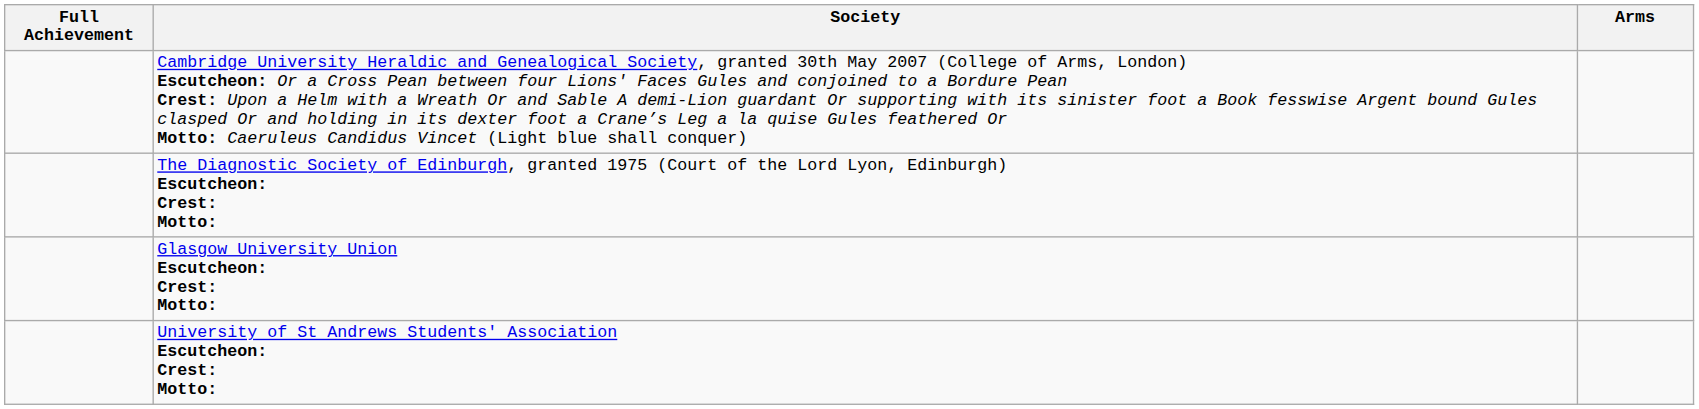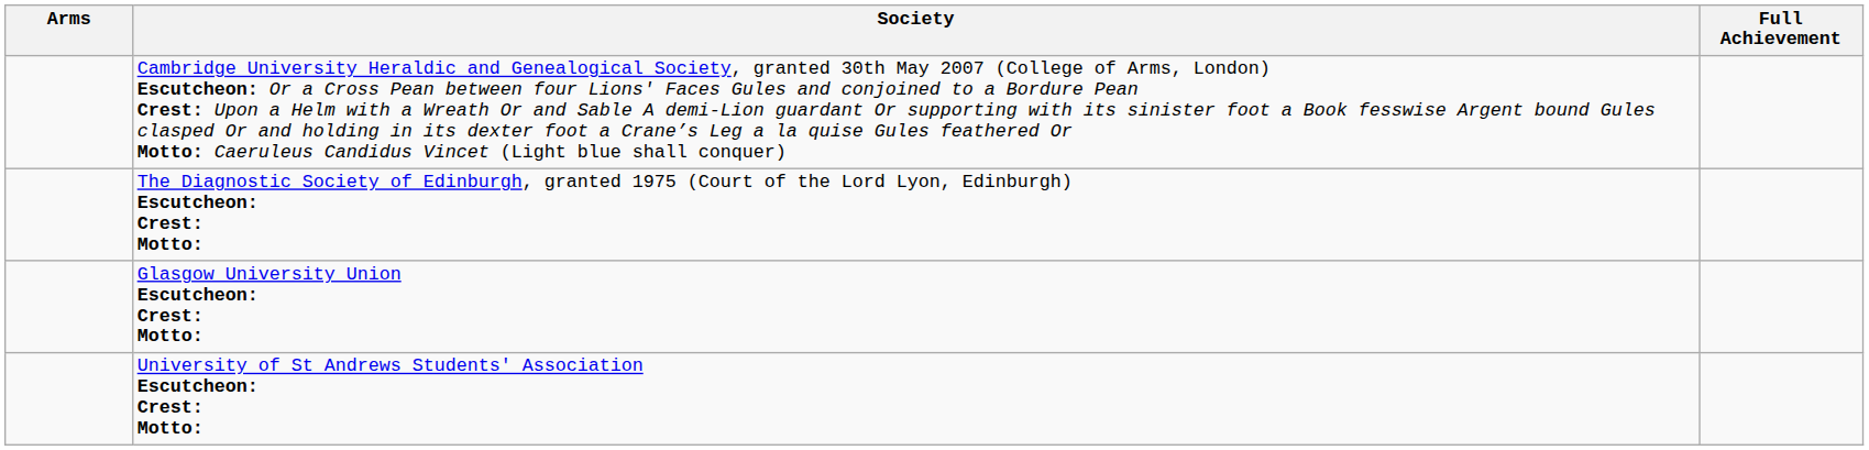 <table class=wikitable style=font-size:95%>
 <tr style="vertical-align:top; text-align:center;">
+<th style="width:80px;">Arms</th>
+<th>Society</th>
 <th>Full Achievement</th>
-<th>Society</th>
-<th style="width:80px;">Arms</th>
 </tr>
 <tr valign=top>
 <td align=center></td>
 <td><a href='#'>Cambridge University Heraldic and Genealogical Society</a>, granted 30th May 2007 (College of Arms, London)<br><strong>Escutcheon:</strong> <em>Or a Cross Pean between four Lions' Faces Gules and conjoined to a Bordure Pean</em><br> <strong>Crest:</strong> <em>Upon a Helm with a Wreath Or and Sable A demi-Lion guardant Or supporting with its sinister foot a Book fesswise Argent bound Gules clasped Or and holding in its dexter foot a Crane’s Leg a la quise Gules feathered Or</em><br> <strong>Motto:</strong> <em>Caeruleus Candidus Vincet</em> (Light blue shall conquer) <br></td>
 <td align=center></td>
 </tr>
 <tr valign=top>
 <td align=center></td>
 <td><a href='#'>The Diagnostic Society of Edinburgh</a>, granted 1975 (Court of the Lord Lyon, Edinburgh)<br><strong>Escutcheon:</strong> <br> <strong>Crest:</strong> <br> <strong>Motto:</strong></td>
 <td align=center></td>
 </tr>
 <tr valign=top>
 <td align=center></td>
 <td><a href='#'>Glasgow University Union</a><br><strong>Escutcheon:</strong> <br> <strong>Crest:</strong> <br> <strong>Motto:</strong></td>
 <td align=center></td>
 </tr>
 <tr valign=top>
 <td align=center></td>
 <td><a href='#'>University of St Andrews Students' Association</a><br><strong>Escutcheon:</strong> <br> <strong>Crest:</strong> <br> <strong>Motto:</strong></td>
 <td align=center></td>
 </tr>
 </table>
